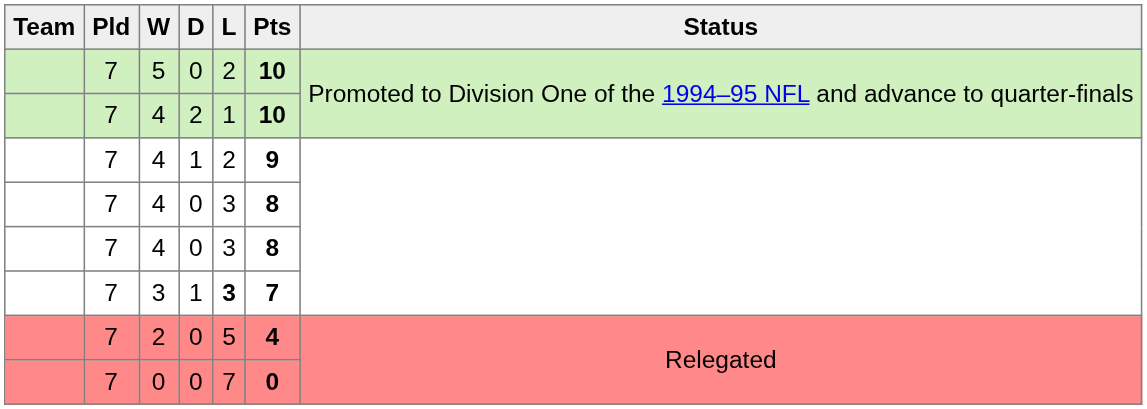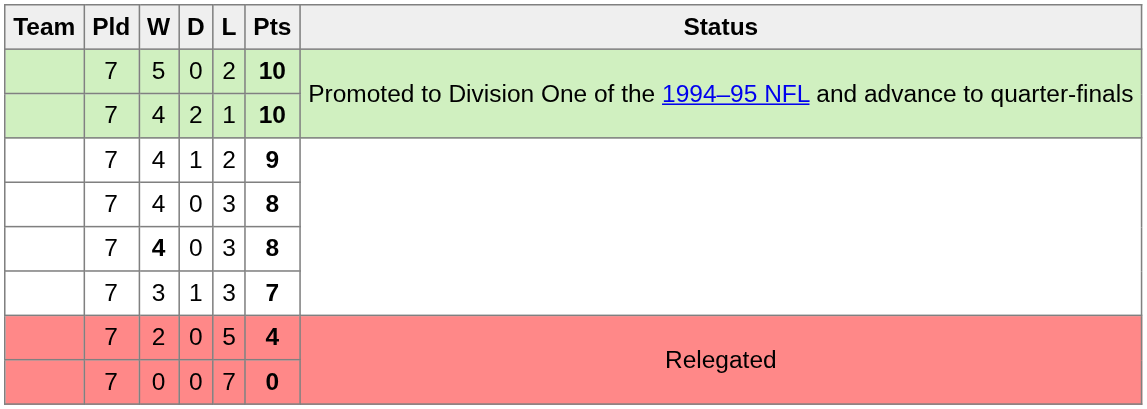 <table style=border-collapse:collapse border=1 cellspacing=0 cellpadding=5>
 <tr align=center bgcolor=#efefef>
 <th>Team</th>
 <th>Pld</th>
 <th>W</th>
 <th>D</th>
 <th>L</th>
 <th>Pts</th>
 <th>Status</th>
 </tr>
 <tr align=center style="background:#D0F0C0;">
 <td style="text-align:left;"> </td>
 <td>7</td>
 <td>5</td>
 <td>0</td>
 <td>2</td>
 <td><strong>10</strong></td>
 <td rowspan=2>Promoted to Division One of the <a href='#'>1994–95 NFL</a> and advance to quarter-finals</td>
 </tr>
 <tr align=center style="background:#D0F0C0;">
 <td style="text-align:left;"> </td>
 <td>7</td>
 <td>4</td>
 <td>2</td>
 <td>1</td>
 <td><strong>10</strong></td>
 </tr>
 <tr align=center style="background:#FFFFFF;">
 <td style="text-align:left;"> </td>
 <td>7</td>
 <td>4</td>
 <td>1</td>
 <td>2</td>
 <td><strong>9</strong></td>
 <td rowspan=4></td>
 </tr>
 <tr align=center style="background:#FFFFFF;">
 <td style="text-align:left;"> </td>
 <td>7</td>
 <td>4</td>
 <td>0</td>
 <td>3</td>
 <td><strong>8</strong></td>
 </tr>
 <tr align=center style="background:#FFFFFF;">
 <td style="text-align:left;"> </td>
 <td>7</td>
-<td>4</td>
+<td><strong>4</strong></td>
 <td>0</td>
 <td>3</td>
 <td><strong>8</strong></td>
 </tr>
 <tr align=center style="background:#FFFFFF;">
 <td style="text-align:left;"> </td>
 <td>7</td>
 <td>3</td>
 <td>1</td>
-<td><strong>3</strong></td>
+<td>3</td>
 <td><strong>7</strong></td>
 </tr>
 <tr align=center style="background:#FF8888;">
 <td style="text-align:left;"> </td>
 <td>7</td>
 <td>2</td>
 <td>0</td>
 <td>5</td>
 <td><strong>4</strong></td>
 <td rowspan=2>Relegated</td>
 </tr>
 <tr align=center style="background:#FF8888;">
 <td style="text-align:left;"> </td>
 <td>7</td>
 <td>0</td>
 <td>0</td>
 <td>7</td>
 <td><strong>0</strong></td>
 </tr>
 </table>
